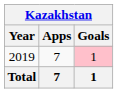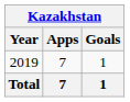 <table class="wikitable" style="text-align:center">
 <tr>
 <th colspan=3><a href='#'>Kazakhstan</a></th>
 </tr>
 <tr>
 <th>Year</th>
 <th>Apps</th>
 <th>Goals</th>
 </tr>
 <tr>
 <td>2019</td>
 <td>7</td>
-<td style="background: pink;">1</td>
+<td>1</td>
 </tr>
 <tr>
 <th>Total</th>
 <th>7</th>
 <th>1</th>
 </tr>
 </table>
